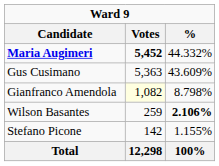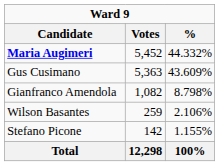 <table class="wikitable">
 <tr>
 <td Colspan="3" align="center"><strong>Ward 9</strong></td>
 </tr>
 <tr>
 <th bgcolor="#DDDDFF" width="150px">Candidate</th>
 <th bgcolor="#DDDDFF">Votes</th>
 <th bgcolor="#DDDDFF">%</th>
 </tr>
 <tr>
 <td><strong><a href='#'>Maria Augimeri</a></strong></td>
-<td align=right><strong>5,452</strong></td>
+<td align=right>5,452</td>
 <td align=right>44.332%</td>
 </tr>
 <tr>
 <td>Gus Cusimano</td>
 <td align=right>5,363</td>
 <td align=right>43.609%</td>
 </tr>
 <tr>
 <td>Gianfranco Amendola</td>
-<td align=right style="background: lightyellow;">1,082</td>
+<td align=right>1,082</td>
 <td align=right>8.798%</td>
 </tr>
 <tr>
 <td>Wilson Basantes</td>
 <td align=right>259</td>
-<td align=right><strong>2.106%</strong></td>
+<td align=right>2.106%</td>
 </tr>
 <tr>
 <td>Stefano Picone</td>
 <td align=right>142</td>
 <td align=right>1.155%</td>
 </tr>
 <tr>
 <th>Total</th>
 <th align=right>12,298</th>
 <th align=right>100%</th>
 </tr>
 </table>
